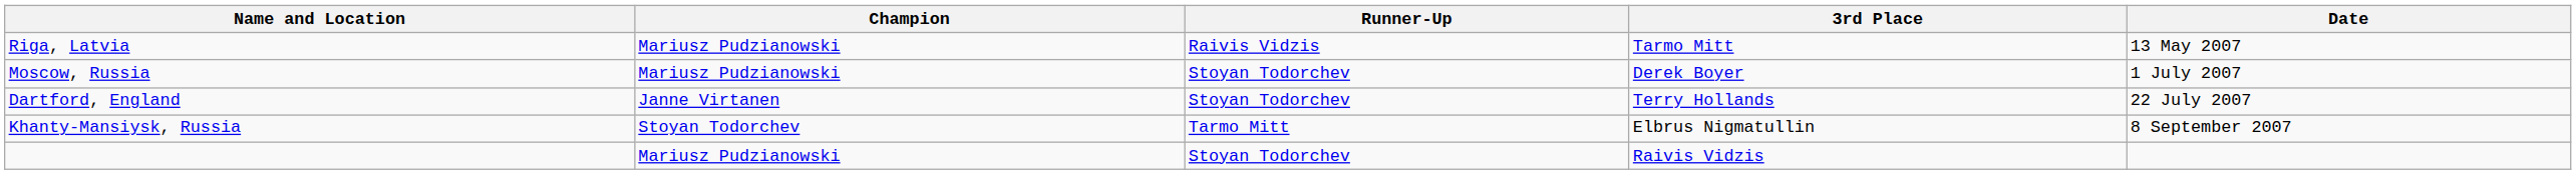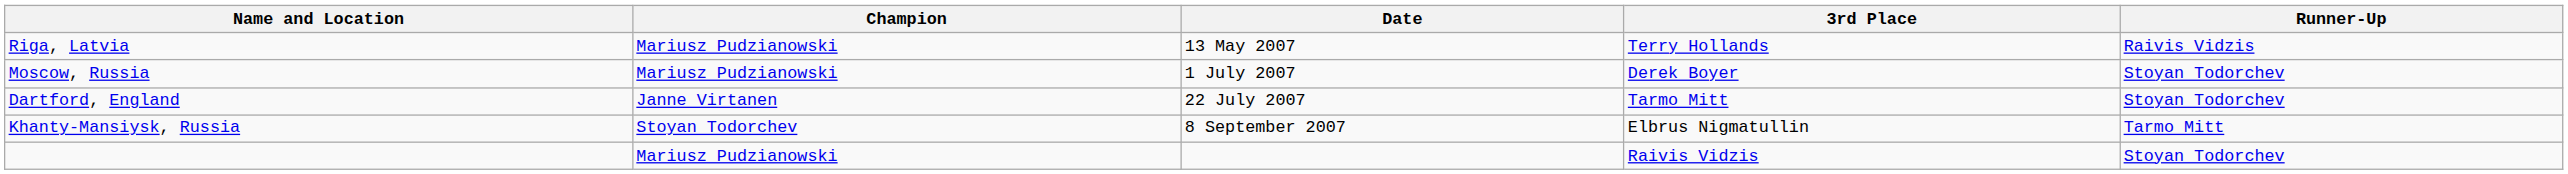 <table class="wikitable" style="display: inline-table;width: 100%;">
 <tr>
 <th>Name and Location</th>
 <th>Champion</th>
+<th>Date</th>
+<th>3rd Place</th>
 <th>Runner-Up</th>
-<th>3rd Place</th>
-<th>Date</th>
 </tr>
 <tr>
 <td> <a href='#'>Riga</a>, <a href='#'>Latvia</a><br> </td>
 <td> <a href='#'>Mariusz Pudzianowski</a></td>
+<td>13 May 2007</td>
+<td> <a href='#'>Terry Hollands</a></td>
 <td> <a href='#'>Raivis Vidzis</a></td>
-<td> <a href='#'>Tarmo Mitt</a></td>
-<td>13 May 2007</td>
 </tr>
 <tr>
 <td> <a href='#'>Moscow</a>, <a href='#'>Russia</a><br> </td>
 <td> <a href='#'>Mariusz Pudzianowski</a></td>
+<td>1 July 2007</td>
+<td> <a href='#'>Derek Boyer</a></td>
 <td> <a href='#'>Stoyan Todorchev</a></td>
-<td> <a href='#'>Derek Boyer</a></td>
-<td>1 July 2007</td>
 </tr>
 <tr>
 <td> <a href='#'>Dartford</a>, <a href='#'>England</a><br> </td>
 <td> <a href='#'>Janne Virtanen</a></td>
+<td>22 July 2007</td>
+<td> <a href='#'>Tarmo Mitt</a></td>
 <td> <a href='#'>Stoyan Todorchev</a></td>
-<td> <a href='#'>Terry Hollands</a></td>
-<td>22 July 2007</td>
 </tr>
 <tr>
 <td> <a href='#'>Khanty-Mansiysk</a>, <a href='#'>Russia</a><br> </td>
 <td> <a href='#'>Stoyan Todorchev</a></td>
+<td>8 September 2007</td>
+<td> Elbrus Nigmatullin</td>
 <td> <a href='#'>Tarmo Mitt</a></td>
-<td> Elbrus Nigmatullin</td>
-<td>8 September 2007</td>
 </tr>
 <tr>
 <td></td>
 <td> <a href='#'>Mariusz Pudzianowski</a></td>
+<td></td>
+<td> <a href='#'>Raivis Vidzis</a></td>
 <td> <a href='#'>Stoyan Todorchev</a></td>
-<td> <a href='#'>Raivis Vidzis</a></td>
-<td></td>
 </tr>
 </table>
